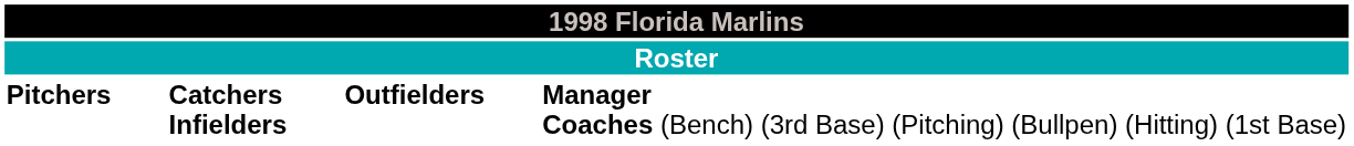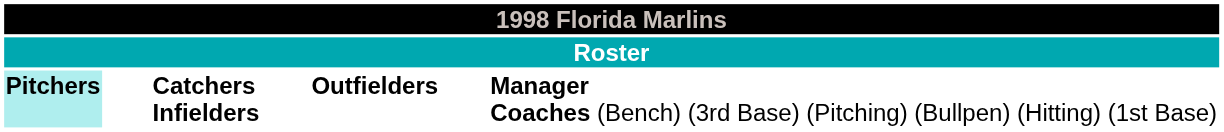 <table class="toccolours" style="font-size: 95%;">
 <tr>
 <th colspan="10" style="background-color: #000000; color: #C9C0BB; text-align: center;">1998 Florida Marlins</th>
 </tr>
 <tr>
 <td colspan="10" style="background-color: #00a8b0; color: #FFFFFF; text-align: center;"><strong>Roster</strong></td>
 </tr>
 <tr>
-<td valign="top"><strong>Pitchers</strong><br>                     </td>
+<td valign="top" style="background: paleturquoise;"><strong>Pitchers</strong><br>                     </td>
 <td width="25px"></td>
 <td valign="top"><strong>Catchers</strong><br>     <strong>Infielders</strong>               </td>
 <td width="25px"></td>
 <td valign="top"><strong>Outfielders</strong><br>      </td>
 <td width="25px"></td>
 <td valign="top"><strong>Manager</strong><br> <strong>Coaches</strong>  (Bench)  (3rd Base)  (Pitching)  (Bullpen)  (Hitting)  (1st Base)</td>
 </tr>
 <tr>
 </tr>
 </table>
